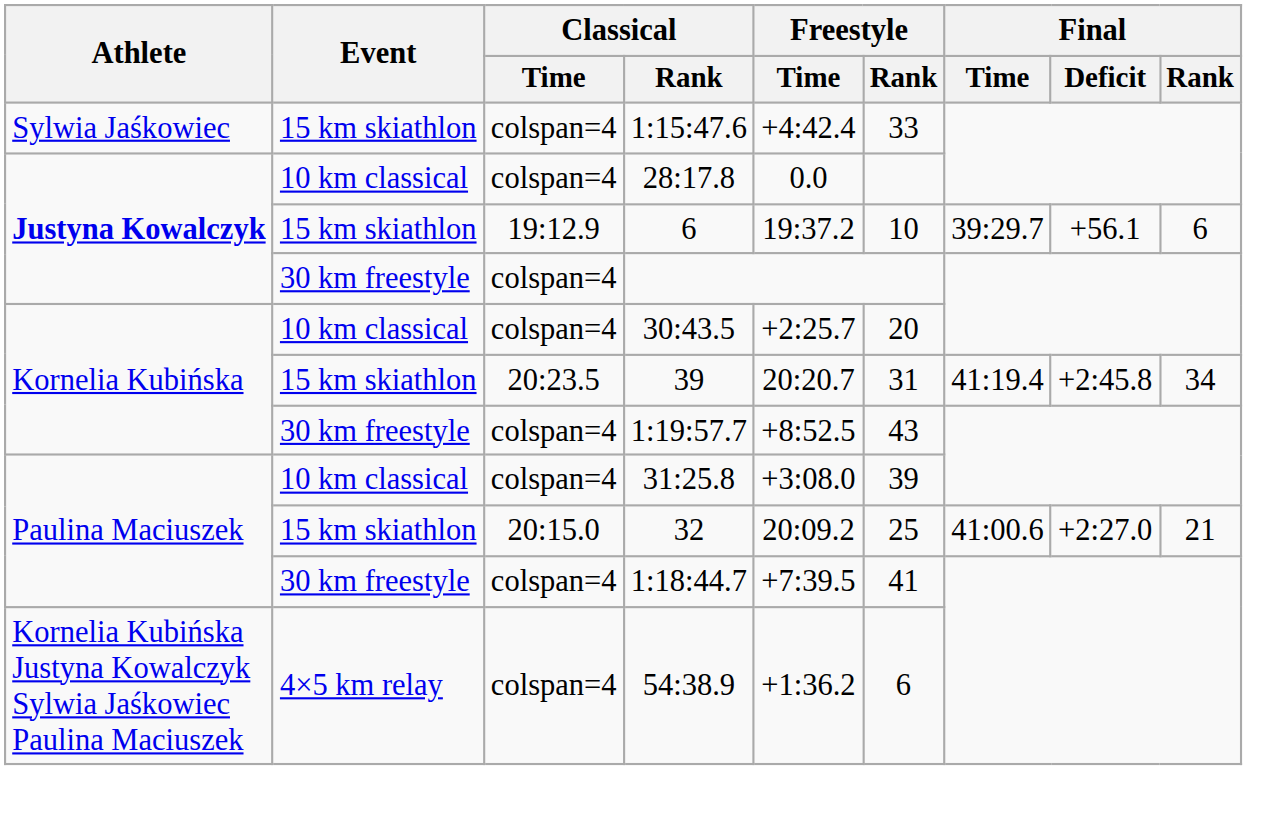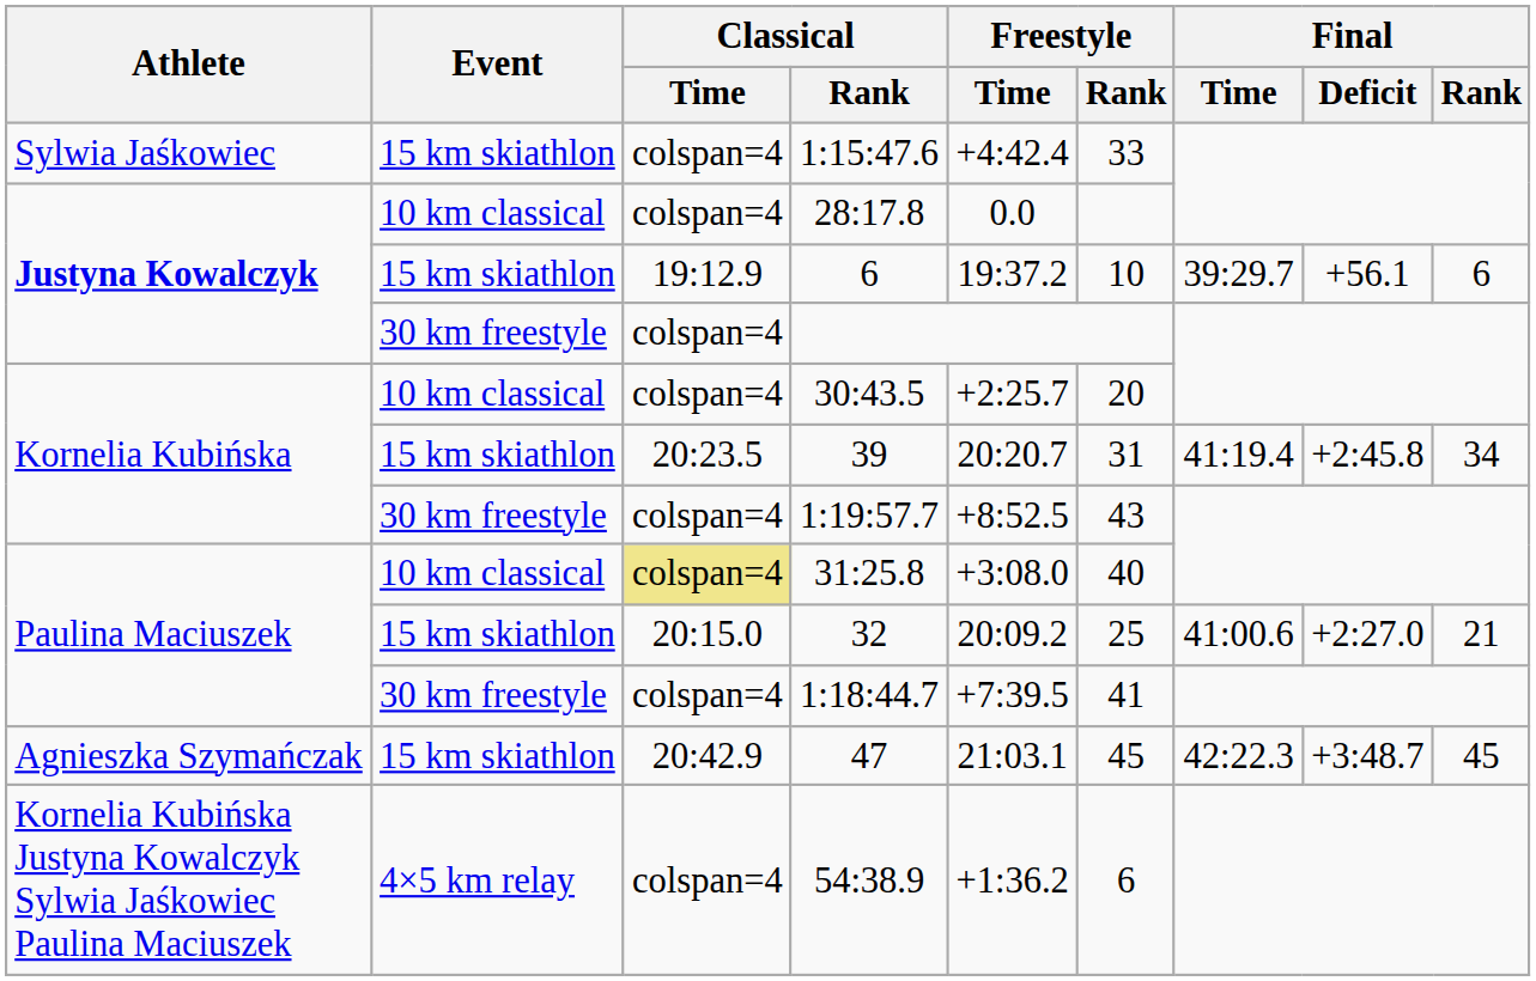 <table class="wikitable" style="font-size:90%">
 <tr>
 <th rowspan=2>Athlete</th>
 <th rowspan=2>Event</th>
 <th colspan=2>Classical</th>
 <th colspan=2>Freestyle</th>
 <th colspan=3>Final</th>
 </tr>
 <tr style="font-size: 95%">
 <th>Time</th>
 <th>Rank</th>
 <th>Time</th>
 <th>Rank</th>
 <th>Time</th>
 <th>Deficit</th>
 <th>Rank</th>
 </tr>
 <tr align=center>
 <td align=left><a href='#'>Sylwia Jaśkowiec</a></td>
 <td align=left><a href='#'>15 km skiathlon</a></td>
 <td>colspan=4 </td>
 <td>1:15:47.6</td>
 <td>+4:42.4</td>
 <td>33</td>
 </tr>
 <tr align=center>
 <td align=left rowspan=3><strong><a href='#'>Justyna Kowalczyk</a></strong></td>
 <td align=left><a href='#'>10 km classical</a></td>
 <td>colspan=4 </td>
 <td>28:17.8</td>
 <td>0.0</td>
 <td></td>
 </tr>
 <tr align=center>
 <td align=left><a href='#'>15 km skiathlon</a></td>
 <td>19:12.9</td>
 <td>6</td>
 <td>19:37.2</td>
 <td>10</td>
 <td>39:29.7</td>
 <td>+56.1</td>
 <td>6</td>
 </tr>
 <tr align=center>
 <td align=left><a href='#'>30 km freestyle</a></td>
 <td>colspan=4 </td>
 <td colspan=3></td>
 </tr>
 <tr align=center>
 <td align=left rowspan=3><a href='#'>Kornelia Kubińska</a></td>
 <td align=left><a href='#'>10 km classical</a></td>
 <td>colspan=4 </td>
 <td>30:43.5</td>
 <td>+2:25.7</td>
 <td>20</td>
 </tr>
 <tr align=center>
 <td align=left><a href='#'>15 km skiathlon</a></td>
 <td>20:23.5</td>
 <td>39</td>
 <td>20:20.7</td>
 <td>31</td>
 <td>41:19.4</td>
 <td>+2:45.8</td>
 <td>34</td>
 </tr>
 <tr align=center>
 <td align=left><a href='#'>30 km freestyle</a></td>
 <td>colspan=4 </td>
 <td>1:19:57.7</td>
 <td>+8:52.5</td>
 <td>43</td>
 </tr>
 <tr align=center>
 <td align=left rowspan=3><a href='#'>Paulina Maciuszek</a></td>
 <td align=left><a href='#'>10 km classical</a></td>
-<td>colspan=4 </td>
+<td style="background: khaki;">colspan=4 </td>
 <td>31:25.8</td>
 <td>+3:08.0</td>
-<td>39</td>
+<td>40</td>
 </tr>
 <tr align=center>
 <td align=left><a href='#'>15 km skiathlon</a></td>
 <td>20:15.0</td>
 <td>32</td>
 <td>20:09.2</td>
 <td>25</td>
 <td>41:00.6</td>
 <td>+2:27.0</td>
 <td>21</td>
 </tr>
 <tr align=center>
 <td align=left><a href='#'>30 km freestyle</a></td>
 <td>colspan=4 </td>
 <td>1:18:44.7</td>
 <td>+7:39.5</td>
 <td>41</td>
 </tr>
 <tr align=center>
+<td align=left><a href='#'>Agnieszka Szymańczak</a></td>
+<td align=left><a href='#'>15 km skiathlon</a></td>
+<td>20:42.9</td>
+<td>47</td>
+<td>21:03.1</td>
+<td>45</td>
+<td>42:22.3</td>
+<td>+3:48.7</td>
+<td>45</td>
+</tr>
+<tr align=center>
 <td align=left><a href='#'>Kornelia Kubińska</a><br><a href='#'>Justyna Kowalczyk</a><br><a href='#'>Sylwia Jaśkowiec</a><br><a href='#'>Paulina Maciuszek</a></td>
 <td align=left><a href='#'>4×5 km relay</a></td>
 <td>colspan=4 </td>
 <td>54:38.9</td>
 <td>+1:36.2</td>
 <td>6</td>
 </tr>
 </table>
